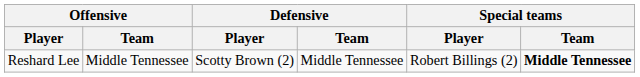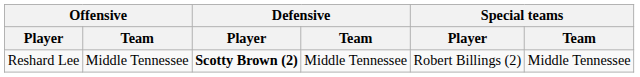 <table class="wikitable">
 <tr>
 <th colspan="2">Offensive</th>
 <th colspan="2">Defensive</th>
 <th colspan="2">Special teams</th>
 </tr>
 <tr>
 <th>Player</th>
 <th>Team</th>
 <th>Player</th>
 <th>Team</th>
 <th>Player</th>
 <th>Team</th>
 </tr>
 <tr>
 <td>Reshard Lee</td>
 <td>Middle Tennessee</td>
-<td>Scotty Brown (2)</td>
+<td><strong>Scotty Brown (2)</strong></td>
 <td>Middle Tennessee</td>
 <td>Robert Billings (2)</td>
-<td><strong>Middle Tennessee</strong></td>
+<td>Middle Tennessee</td>
 </tr>
 </table>
